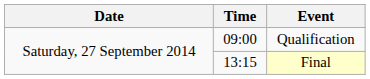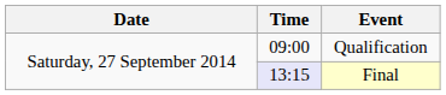 <table class = "wikitable" style="text-align:center;">
 <tr>
 <th width=220>Date</th>
 <th width=50>Time</th>
 <th width=100>Event</th>
 </tr>
 <tr>
 <td rowspan=2>Saturday, 27 September 2014</td>
 <td>09:00</td>
 <td>Qualification</td>
 </tr>
 <tr>
-<td>13:15</td>
+<td style="background: lavender;">13:15</td>
 <td bgcolor=ffffcc>Final</td>
 </tr>
 </table>
